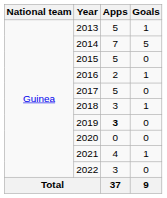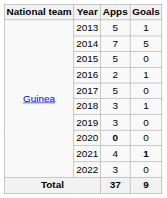 <table class="wikitable" style="text-align:center">
 <tr>
 <th>National team</th>
 <th>Year</th>
 <th>Apps</th>
 <th>Goals</th>
 </tr>
 <tr>
 <td rowspan="10"><a href='#'>Guinea</a></td>
 <td>2013</td>
 <td>5</td>
 <td>1</td>
 </tr>
 <tr>
 <td>2014</td>
 <td>7</td>
 <td>5</td>
 </tr>
 <tr>
 <td>2015</td>
 <td>5</td>
 <td>0</td>
 </tr>
 <tr>
 <td>2016</td>
 <td>2</td>
 <td>1</td>
 </tr>
 <tr>
 <td>2017</td>
 <td>5</td>
 <td>0</td>
 </tr>
 <tr>
 <td>2018</td>
 <td>3</td>
 <td>1</td>
 </tr>
 <tr>
 <td>2019</td>
-<td><strong>3</strong></td>
+<td>3</td>
 <td>0</td>
 </tr>
 <tr>
 <td>2020</td>
-<td>0</td>
+<td><strong>0</strong></td>
 <td>0</td>
 </tr>
 <tr>
 <td>2021</td>
 <td>4</td>
-<td>1</td>
+<td><strong>1</strong></td>
 </tr>
 <tr>
 <td>2022</td>
 <td>3</td>
 <td>0</td>
 </tr>
 <tr>
 <th colspan="2">Total</th>
 <th>37</th>
 <th>9</th>
 </tr>
 </table>
